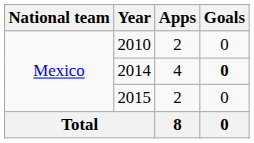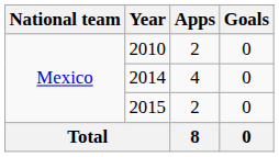 <table class="wikitable" style="text-align: center;">
 <tr>
 <th>National team</th>
 <th>Year</th>
 <th>Apps</th>
 <th>Goals</th>
 </tr>
 <tr>
 <td rowspan="3" valign="center"><a href='#'>Mexico</a></td>
 <td>2010</td>
 <td>2</td>
 <td>0</td>
 </tr>
 <tr>
 <td>2014</td>
 <td>4</td>
-<td><strong>0</strong></td>
+<td>0</td>
 </tr>
 <tr>
 <td>2015</td>
 <td>2</td>
 <td>0</td>
 </tr>
 <tr>
 <th colspan="2">Total</th>
 <th>8</th>
 <th>0</th>
 </tr>
 </table>
